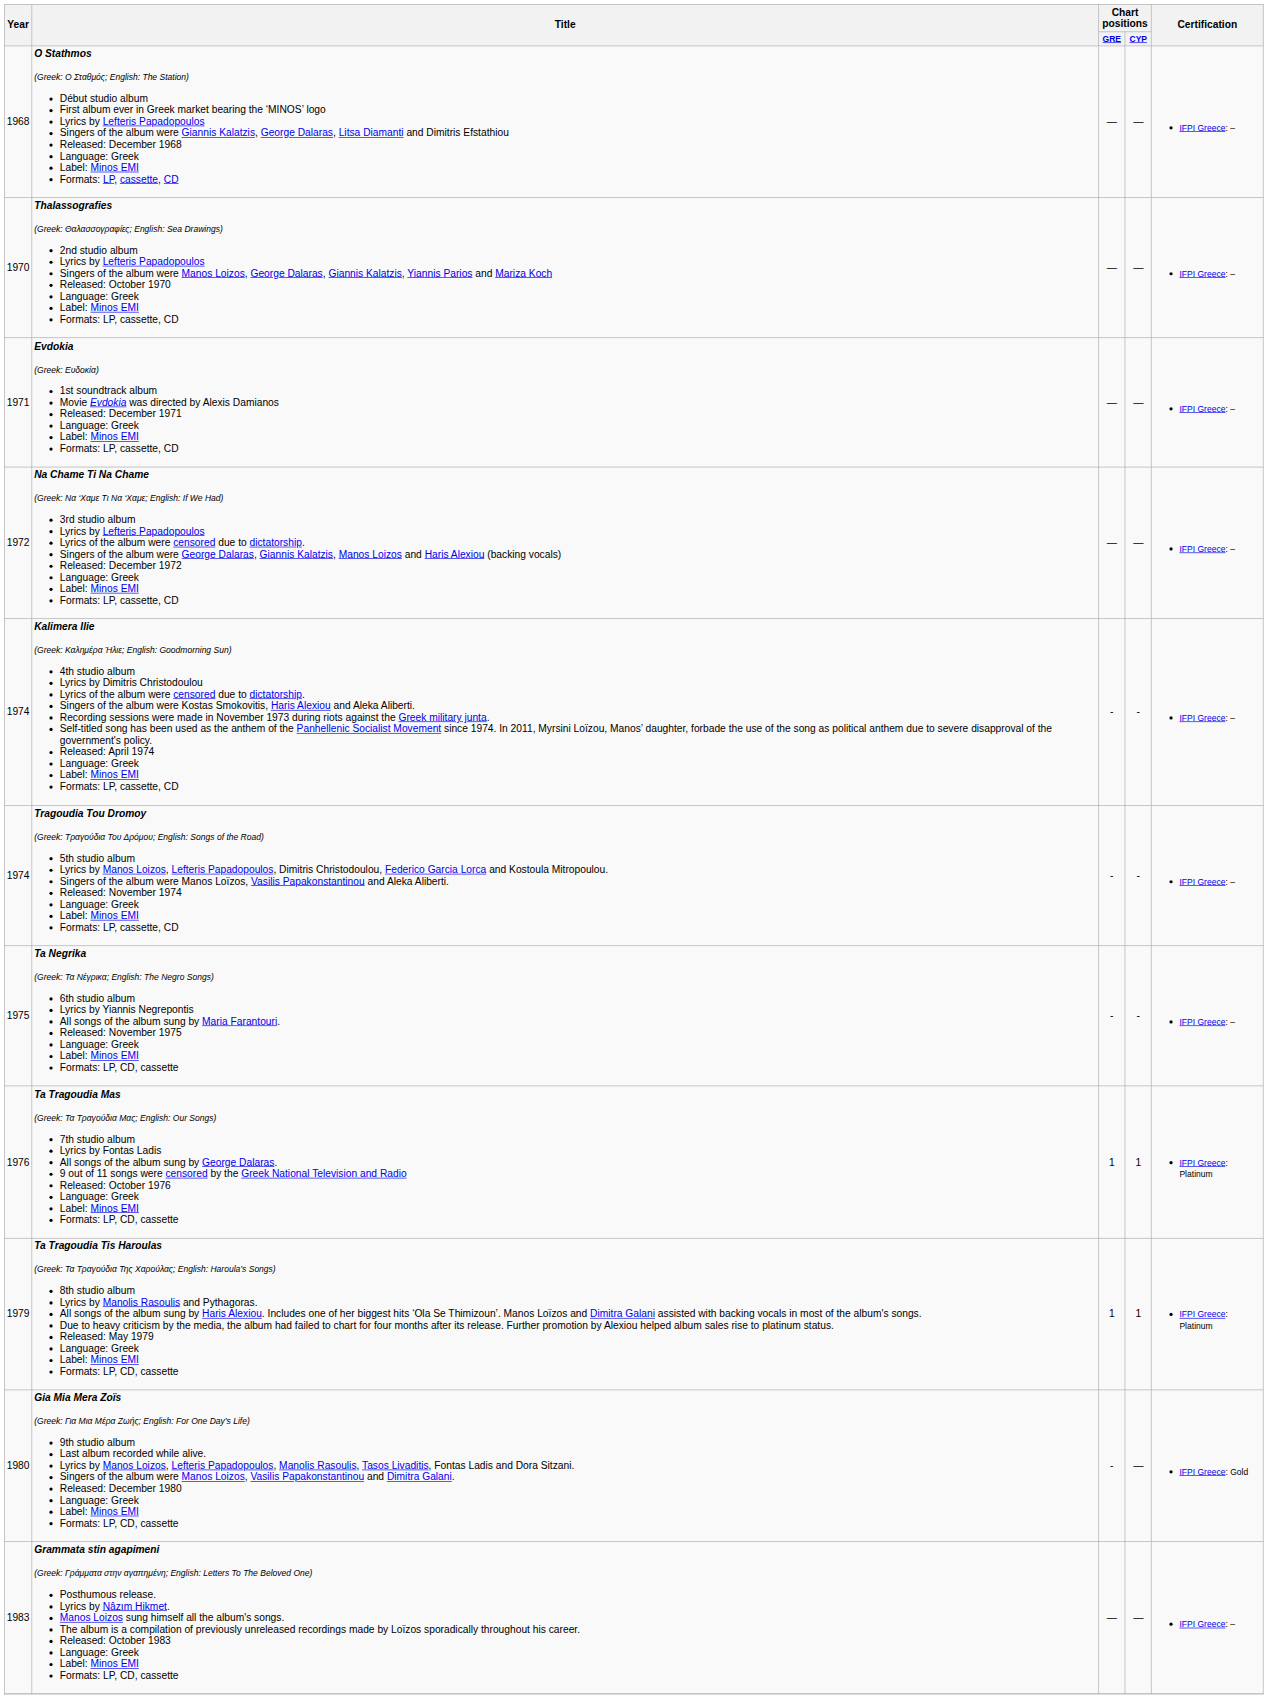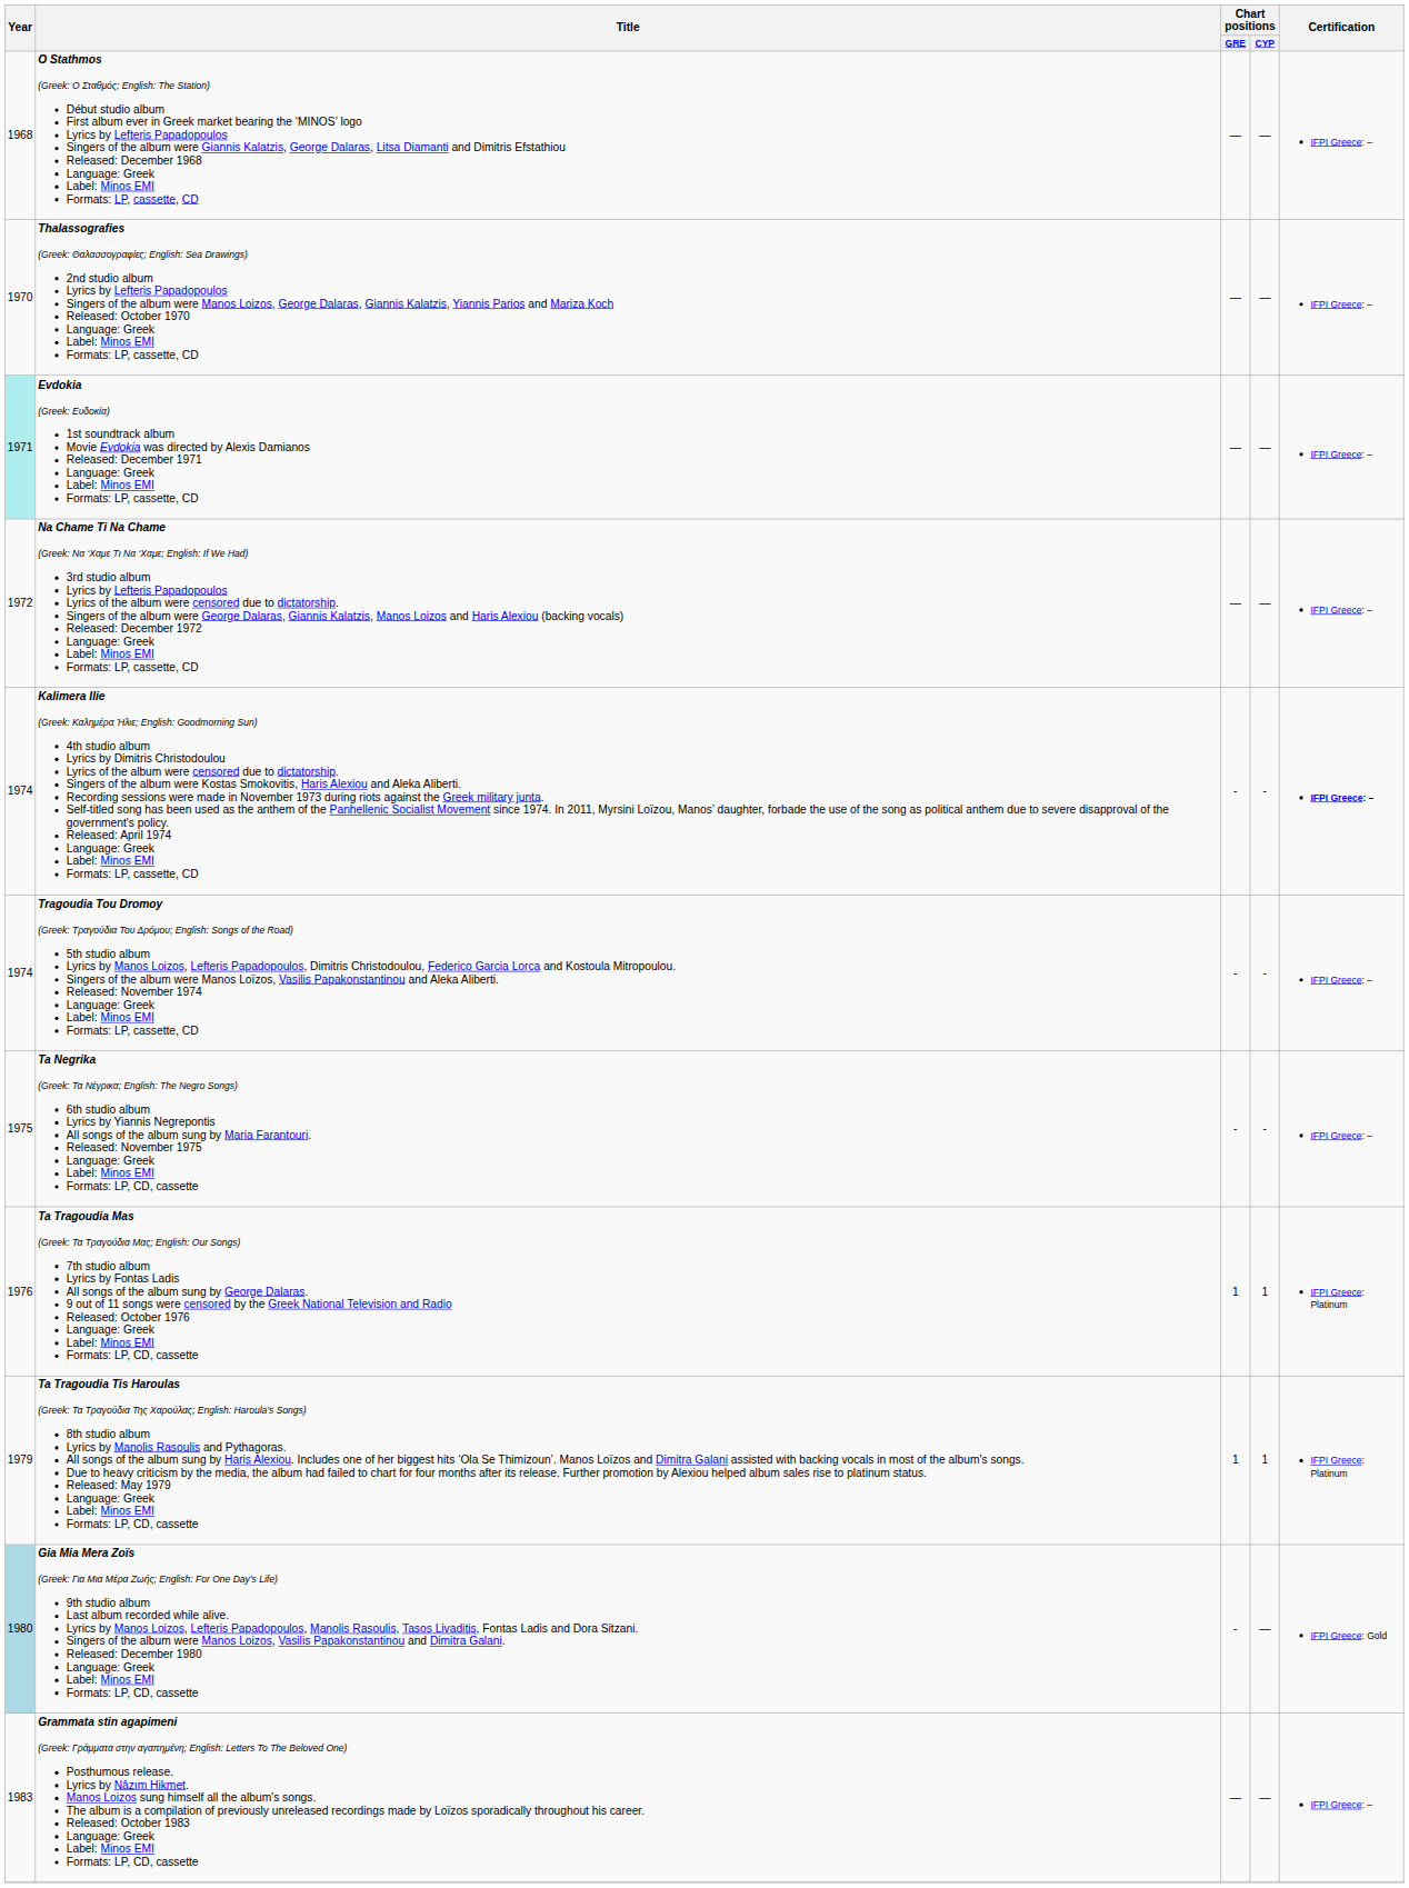 <table class="wikitable">
 <tr>
 <th rowspan="2">Year</th>
 <th rowspan="2">Title</th>
 <th colspan="2">Chart positions</th>
 <th rowspan="2.5">Certification</th>
 </tr>
 <tr style="font-size:smaller;">
 <th width="35"><a href='#'>GRE</a></th>
 <th width="35"><a href='#'>CYP</a></th>
 </tr>
 <tr>
 <td align="center">1968</td>
 <td><strong><em>O Stathmos</em></strong>  <br><br><em><small>(Greek: Ο Σταθμός; English: The Station)</small></em><ul><li>Début studio album</li><li>First album ever in Greek market bearing the ‘MINOS’ logo</li><li>Lyrics by <a href='#'>Lefteris Papadopoulos</a></li><li>Singers of the album were <a href='#'>Giannis Kalatzis</a>, <a href='#'>George Dalaras</a>, <a href='#'>Litsa Diamanti</a> and Dimitris Efstathiou</li><li>Released: December 1968</li><li>Language: Greek</li><li>Label: <a href='#'>Minos EMI</a></li><li>Formats: <a href='#'>LP</a>, <a href='#'>cassette</a>, <a href='#'>CD</a></li></ul></td>
 <td align="center">—</td>
 <td align="center">—</td>
 <td align="left"><br><ul><li><small><a href='#'>IFPI Greece</a>: –</small></li></ul></td>
 </tr>
 <tr>
 <td align="center">1970</td>
 <td><strong><em>Thalassografies</em></strong>  <br><br><em><small>(Greek: Θαλασσογραφίες; English: Sea Drawings)</small></em><ul><li>2nd studio album</li><li>Lyrics by <a href='#'>Lefteris Papadopoulos</a></li><li>Singers of the album were <a href='#'>Manos Loizos</a>, <a href='#'>George Dalaras</a>, <a href='#'>Giannis Kalatzis</a>, <a href='#'>Yiannis Parios</a> and <a href='#'>Mariza Koch</a></li><li>Released: October 1970</li><li>Language: Greek</li><li>Label: <a href='#'>Minos EMI</a></li><li>Formats: LP, cassette, CD</li></ul></td>
 <td align="center">—</td>
 <td align="center">—</td>
 <td align="left"><br><ul><li><small><a href='#'>IFPI Greece</a>: –</small></li></ul></td>
 </tr>
 <tr>
-<td align="center">1971</td>
+<td align="center" style="background: paleturquoise;">1971</td>
 <td><strong><em>Evdokia</em></strong>  <br><br><em><small>(Greek: Ευδοκία)</small></em><ul><li>1st soundtrack album</li><li>Movie <em><a href='#'>Evdokia</a></em> was directed by Alexis Damianos</li><li>Released: December 1971</li><li>Language: Greek</li><li>Label: <a href='#'>Minos EMI</a></li><li>Formats: LP, cassette, CD</li></ul></td>
 <td align="center">—</td>
 <td align="center">—</td>
 <td align="left"><br><ul><li><small><a href='#'>IFPI Greece</a>: –</small></li></ul></td>
 </tr>
 <tr>
 <td align="center">1972</td>
 <td><strong><em>Na Chame Ti Na Chame</em></strong>  <br><br><em><small>(Greek: Να ‘Χαμε Τι Να ‘Χαμε; English: If We Had)</small></em><ul><li>3rd studio album</li><li>Lyrics by <a href='#'>Lefteris Papadopoulos</a></li><li>Lyrics of the album were <a href='#'>censored</a> due to <a href='#'>dictatorship</a>.</li><li>Singers of the album were <a href='#'>George Dalaras</a>, <a href='#'>Giannis Kalatzis</a>, <a href='#'>Manos Loizos</a> and <a href='#'>Haris Alexiou</a> (backing vocals)</li><li>Released: December 1972</li><li>Language: Greek</li><li>Label: <a href='#'>Minos EMI</a></li><li>Formats: LP, cassette, CD</li></ul></td>
 <td align="center">—</td>
 <td align="center">—</td>
 <td align="left"><br><ul><li><small><a href='#'>IFPI Greece</a>: –</small></li></ul></td>
 </tr>
 <tr>
 <td align="center">1974</td>
 <td><strong><em>Kalimera Ilie</em></strong>  <br><br><em><small>(Greek: Καλημέρα Ήλιε; English: Goodmorning Sun)</small></em><ul><li>4th studio album</li><li>Lyrics by Dimitris Christodoulou</li><li>Lyrics of the album were <a href='#'>censored</a> due to <a href='#'>dictatorship</a>.</li><li>Singers of the album were Kostas Smokovitis, <a href='#'>Haris Alexiou</a> and Aleka Aliberti.</li><li>Recording sessions were made in November 1973 during riots against the <a href='#'>Greek military junta</a>.</li><li>Self-titled song has been used as the anthem of the <a href='#'>Panhellenic Socialist Movement</a> since 1974. In 2011, Myrsini Loïzou, Manos’ daughter, forbade the use of the song as political anthem due to severe disapproval of the government's policy.</li><li>Released: April 1974</li><li>Language: Greek</li><li>Label: <a href='#'>Minos EMI</a></li><li>Formats: LP, cassette, CD</li></ul></td>
 <td align="center">-</td>
 <td align="center">-</td>
-<td align="left"><br><ul><li><small><a href='#'>IFPI Greece</a>: –</small></li></ul></td>
+<td align="left"><strong><br><ul><li><small><a href='#'>IFPI Greece</a>: –</small></li></ul></strong></td>
 </tr>
 <tr>
 <td align="center">1974</td>
 <td><strong><em>Tragoudia Tou Dromoy</em></strong>  <br><br><em><small>(Greek: Τραγούδια Του Δρόμου; English: Songs of the Road)</small></em><ul><li>5th studio album</li><li>Lyrics by <a href='#'>Manos Loizos</a>, <a href='#'>Lefteris Papadopoulos</a>, Dimitris Christodoulou, <a href='#'>Federico Garcia Lorca</a> and  Kostoula Mitropoulou.</li><li>Singers of the album were Manos Loïzos, <a href='#'>Vasilis Papakonstantinou</a> and Aleka Aliberti.</li><li>Released: November 1974</li><li>Language: Greek</li><li>Label: <a href='#'>Minos EMI</a></li><li>Formats: LP, cassette, CD</li></ul></td>
 <td align="center">-</td>
 <td align="center">-</td>
 <td align="left"><br><ul><li><small><a href='#'>IFPI Greece</a>: –</small></li></ul></td>
 </tr>
 <tr>
 <td align="center">1975</td>
 <td><strong><em>Ta Negrika</em></strong>  <br><br><em><small>(Greek: Τα Νέγρικα; English: The Negro Songs)</small></em><ul><li>6th studio album</li><li>Lyrics by Yiannis Negrepontis</li><li>All songs of the album sung by <a href='#'>Maria Farantouri</a>.</li><li>Released: November 1975</li><li>Language: Greek</li><li>Label: <a href='#'>Minos EMI</a></li><li>Formats: LP, CD, cassette</li></ul></td>
 <td align="center">-</td>
 <td align="center">-</td>
 <td align="left"><br><ul><li><small><a href='#'>IFPI Greece</a>: –</small></li></ul></td>
 </tr>
 <tr>
 <td align="center">1976</td>
 <td><strong><em>Ta Tragoudia Mas</em></strong>  <br><br><em><small>(Greek: Τα Τραγούδια Μας; English: Our Songs)</small></em><ul><li>7th studio album</li><li>Lyrics by Fontas Ladis</li><li>All songs of the album sung by <a href='#'>George Dalaras</a>.</li><li>9 out of 11 songs were <a href='#'>censored</a> by the <a href='#'>Greek National Television and Radio</a></li><li>Released: October 1976</li><li>Language: Greek</li><li>Label: <a href='#'>Minos EMI</a></li><li>Formats: LP, CD, cassette</li></ul></td>
 <td align="center">1</td>
 <td align="center">1</td>
 <td align="left"><br><ul><li><small><a href='#'>IFPI Greece</a>: Platinum</small></li></ul></td>
 </tr>
 <tr>
 <td align="center">1979</td>
 <td><strong><em>Ta Tragoudia Tis Haroulas</em></strong>  <br><br><em><small>(Greek: Τα Τραγούδια Της Χαρούλας; English: Haroula’s Songs)</small></em><ul><li>8th studio album</li><li>Lyrics by <a href='#'>Manolis Rasoulis</a> and Pythagoras.</li><li>All songs of the album sung by <a href='#'>Haris Alexiou</a>. Includes one of her biggest hits ‘Ola Se Thimizoun’. Manos Loïzos and <a href='#'>Dimitra Galani</a> assisted with backing vocals in most of the album's songs.</li><li>Due to heavy criticism by the media, the album had failed to chart for four months after its release. Further promotion by Alexiou helped album sales rise to platinum status.</li><li>Released: May 1979</li><li>Language: Greek</li><li>Label: <a href='#'>Minos EMI</a></li><li>Formats: LP, CD, cassette</li></ul></td>
 <td align="center">1</td>
 <td align="center">1</td>
 <td align="left"><br><ul><li><small><a href='#'>IFPI Greece</a>:<br>Platinum</small></li></ul></td>
 </tr>
 <tr>
-<td align="center">1980</td>
+<td align="center" style="background: lightblue;">1980</td>
 <td><strong><em>Gia Mia Mera Zoïs</em></strong>  <br><br><em><small>(Greek: Για Μια Μέρα Ζωής; English: For One Day’s Life)</small></em><ul><li>9th studio album</li><li>Last album recorded while alive.</li><li>Lyrics by <a href='#'>Manos Loizos</a>, <a href='#'>Lefteris Papadopoulos</a>, <a href='#'>Manolis Rasoulis</a>, <a href='#'>Tasos Livaditis</a>, Fontas Ladis and Dora Sitzani.</li><li>Singers of the album were <a href='#'>Manos Loizos</a>, <a href='#'>Vasilis Papakonstantinou</a> and <a href='#'>Dimitra Galani</a>.</li><li>Released: December 1980</li><li>Language: Greek</li><li>Label: <a href='#'>Minos EMI</a></li><li>Formats: LP, CD, cassette</li></ul></td>
 <td align="center">-</td>
 <td align="center">—</td>
 <td align="left"><br><ul><li><small><a href='#'>IFPI Greece</a>: Gold</small></li></ul></td>
 </tr>
 <tr>
 <td align="center">1983</td>
 <td><strong><em>Grammata stin agapimeni</em></strong>  <br><br><em><small>(Greek: Γράμματα στην αγαπημένη; English: Letters To The Beloved One)</small></em><ul><li>Posthumous release.</li><li>Lyrics by <a href='#'>Nâzım Hikmet</a>.</li><li><a href='#'>Manos Loizos</a> sung himself all the album's songs.</li><li>The album is a compilation of previously unreleased recordings made by Loïzos sporadically throughout his career.</li><li>Released: October 1983</li><li>Language: Greek</li><li>Label: <a href='#'>Minos EMI</a></li><li>Formats: LP, CD, cassette</li></ul></td>
 <td align="center">—</td>
 <td align="center">—</td>
 <td align="left"><br><ul><li><small><a href='#'>IFPI Greece</a>: –</small></li></ul></td>
 </tr>
 <tr>
 </tr>
 </table>
